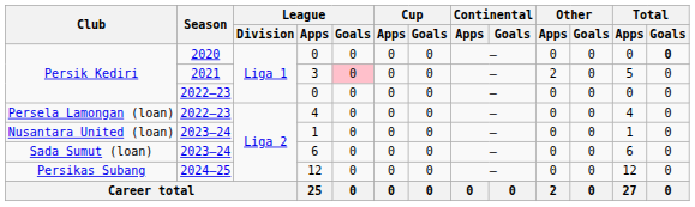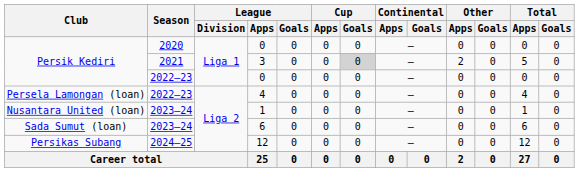 <table class="wikitable" style="text-align: center">
 <tr>
 <th rowspan="2">Club</th>
 <th rowspan="2">Season</th>
 <th colspan="3">League</th>
 <th colspan="2">Cup</th>
 <th colspan="2">Continental</th>
 <th colspan="2">Other</th>
 <th colspan="2">Total</th>
 </tr>
 <tr>
 <th>Division</th>
 <th>Apps</th>
 <th>Goals</th>
 <th>Apps</th>
 <th>Goals</th>
 <th>Apps</th>
 <th>Goals</th>
 <th>Apps</th>
 <th>Goals</th>
 <th>Apps</th>
 <th>Goals</th>
 </tr>
 <tr>
 <td rowspan="3"><a href='#'>Persik Kediri</a></td>
 <td><a href='#'>2020</a></td>
 <td rowspan="3" valign="center"><a href='#'>Liga 1</a></td>
 <td>0</td>
 <td>0</td>
 <td>0</td>
 <td>0</td>
 <td colspan="2">–</td>
 <td>0</td>
 <td>0</td>
 <td>0</td>
-<td><strong>0</strong></td>
+<td>0</td>
 </tr>
 <tr>
 <td><a href='#'>2021</a></td>
 <td>3</td>
-<td style="background: pink;">0</td>
 <td>0</td>
 <td>0</td>
+<td style="background: lightgrey;">0</td>
 <td colspan="2">–</td>
 <td>2</td>
 <td>0</td>
 <td>5</td>
 <td>0</td>
 </tr>
 <tr>
 <td><a href='#'>2022–23</a></td>
 <td>0</td>
 <td>0</td>
 <td>0</td>
 <td>0</td>
 <td colspan="2">–</td>
 <td>0</td>
 <td>0</td>
 <td>0</td>
 <td>0</td>
 </tr>
 <tr>
 <td rowspan="1"><a href='#'>Persela Lamongan</a> (loan)</td>
 <td><a href='#'>2022–23</a></td>
 <td rowspan="4"><a href='#'>Liga 2</a></td>
 <td>4</td>
 <td>0</td>
 <td>0</td>
 <td>0</td>
 <td colspan="2">–</td>
 <td>0</td>
 <td>0</td>
 <td>4</td>
 <td>0</td>
 </tr>
 <tr>
 <td rowspan="1"><a href='#'>Nusantara United</a> (loan)</td>
 <td><a href='#'>2023–24</a></td>
 <td>1</td>
 <td>0</td>
 <td>0</td>
 <td>0</td>
 <td colspan="2">–</td>
 <td>0</td>
 <td>0</td>
 <td>1</td>
 <td>0</td>
 </tr>
 <tr>
 <td rowspan="1"><a href='#'>Sada Sumut</a> (loan)</td>
 <td><a href='#'>2023–24</a></td>
 <td>6</td>
 <td>0</td>
 <td>0</td>
 <td>0</td>
 <td colspan="2">–</td>
 <td>0</td>
 <td>0</td>
 <td>6</td>
 <td>0</td>
 </tr>
 <tr>
 <td rowspan="1"><a href='#'>Persikas Subang</a></td>
 <td><a href='#'>2024–25</a></td>
 <td>12</td>
 <td>0</td>
 <td>0</td>
 <td>0</td>
 <td colspan="2">–</td>
 <td>0</td>
 <td>0</td>
 <td>12</td>
 <td>0</td>
 </tr>
 <tr>
 <th colspan=3>Career total</th>
 <th>25</th>
 <th>0</th>
 <th>0</th>
 <th>0</th>
 <th>0</th>
 <th>0</th>
 <th>2</th>
 <th>0</th>
 <th>27</th>
 <th>0</th>
 </tr>
 </table>
